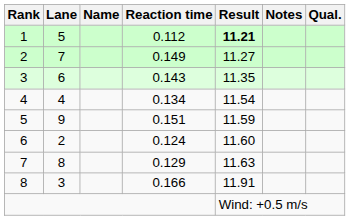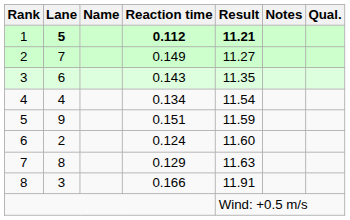 <table class="wikitable sortable" style="text-align:center">
 <tr>
 <th>Rank</th>
 <th>Lane</th>
 <th>Name</th>
 <th>Reaction time</th>
 <th>Result</th>
 <th>Notes</th>
 <th>Qual.</th>
 </tr>
 <tr bgcolor=ccffcc>
 <td>1</td>
-<td>5</td>
+<td><strong>5</strong></td>
 <td align="left"></td>
-<td>0.112</td>
+<td><strong>0.112</strong></td>
 <td><strong>11.21</strong></td>
 <td></td>
 <td></td>
 </tr>
 <tr bgcolor=ccffcc>
 <td>2</td>
 <td>7</td>
 <td align="left"></td>
 <td>0.149</td>
 <td>11.27</td>
 <td></td>
 <td></td>
 </tr>
 <tr bgcolor=ddffdd>
 <td>3</td>
 <td>6</td>
 <td align="left"></td>
 <td>0.143</td>
 <td>11.35</td>
 <td></td>
 <td></td>
 </tr>
 <tr>
 <td>4</td>
 <td>4</td>
 <td align="left"></td>
 <td>0.134</td>
 <td>11.54</td>
 <td></td>
 <td></td>
 </tr>
 <tr>
 <td>5</td>
 <td>9</td>
 <td align="left"></td>
 <td>0.151</td>
 <td>11.59</td>
 <td></td>
 <td></td>
 </tr>
 <tr>
 <td>6</td>
 <td>2</td>
 <td align="left"></td>
 <td>0.124</td>
 <td>11.60</td>
 <td></td>
 <td></td>
 </tr>
 <tr>
 <td>7</td>
 <td>8</td>
 <td align="left"></td>
 <td>0.129</td>
 <td>11.63</td>
 <td></td>
 <td></td>
 </tr>
 <tr>
 <td>8</td>
 <td>3</td>
 <td align="left"></td>
 <td>0.166</td>
 <td>11.91</td>
 <td></td>
 <td></td>
 </tr>
 <tr class="sortbottom">
 <td colspan=4></td>
 <td colspan="3" style="text-align:left;">Wind: +0.5 m/s</td>
 </tr>
 </table>
